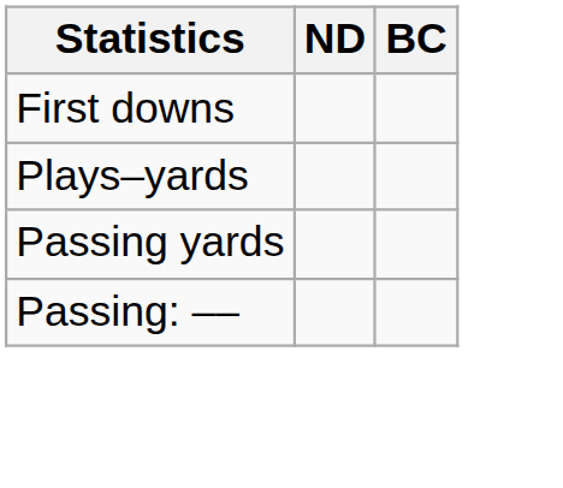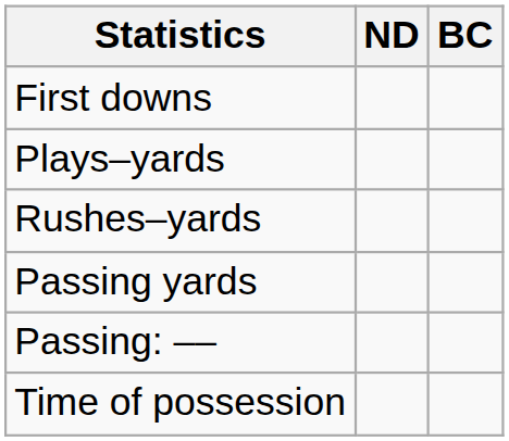 <table class="wikitable" style="float:left">
 <tr>
 <th>Statistics</th>
 <th>ND</th>
 <th>BC</th>
 </tr>
 <tr>
 <td>First downs</td>
 <td></td>
 <td></td>
 </tr>
 <tr>
 <td>Plays–yards</td>
 <td></td>
 <td></td>
 </tr>
 <tr>
+<td>Rushes–yards</td>
+<td></td>
+<td></td>
+</tr>
+<tr>
 <td>Passing yards</td>
 <td></td>
 <td></td>
 </tr>
 <tr>
 <td>Passing: ––</td>
 <td></td>
 <td></td>
 </tr>
+<tr>
+<td>Time of possession</td>
+<td></td>
+<td></td>
+</tr>
 </table>
